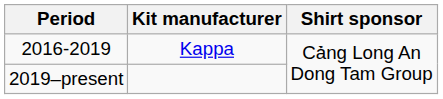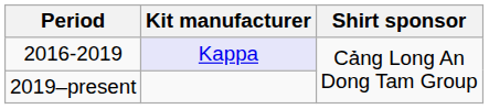 <table class="wikitable" style="text-align: center">
 <tr>
 <th>Period</th>
 <th>Kit manufacturer</th>
 <th>Shirt sponsor</th>
 </tr>
 <tr>
 <td>2016-2019</td>
-<td><a href='#'>Kappa</a></td>
+<td style="background: lavender;"><a href='#'>Kappa</a></td>
 <td rowspan="3">Cảng Long An <br> Dong Tam Group</td>
 </tr>
 <tr>
 <td>2019–present</td>
 </tr>
 </table>
